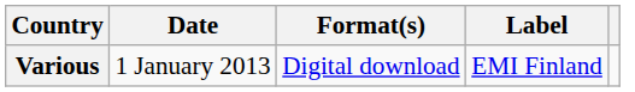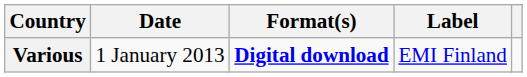 <table class="wikitable plainrowheaders">
 <tr>
 <th scope="col">Country</th>
 <th scope="col">Date</th>
 <th scope="col">Format(s)</th>
 <th scope="col">Label</th>
 <th scope="col"></th>
 </tr>
 <tr>
 <th scope="row" rowspan="2">Various</th>
 <td>1 January 2013</td>
-<td><a href='#'>Digital download</a></td>
+<td><strong><a href='#'>Digital download</a></strong></td>
 <td rowspan="2"><a href='#'>EMI Finland</a></td>
 <td></td>
 </tr>
 </table>
